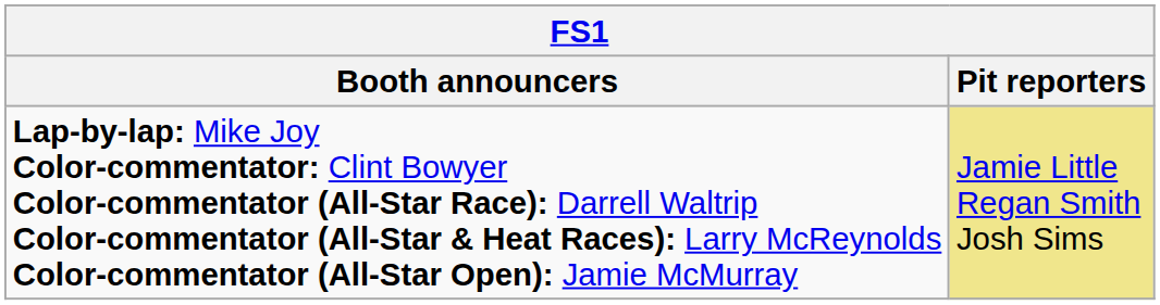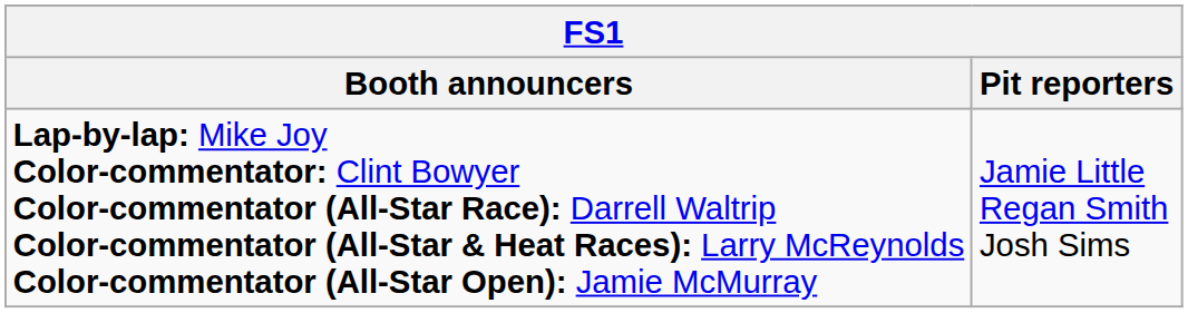 <table class="wikitable" style="font-size: 95%;">
 <tr>
 <th colspan="2"><a href='#'>FS1</a></th>
 </tr>
 <tr>
 <th>Booth announcers</th>
 <th>Pit reporters</th>
 </tr>
 <tr>
 <td><strong>Lap-by-lap:</strong> <a href='#'>Mike Joy</a><br><strong>Color-commentator:</strong> <a href='#'>Clint Bowyer</a><br><strong>Color-commentator (All-Star Race):</strong> <a href='#'>Darrell Waltrip</a> <br><strong>Color-commentator (All-Star & Heat Races):</strong> <a href='#'>Larry McReynolds</a><br><strong>Color-commentator (All-Star Open):</strong> <a href='#'>Jamie McMurray</a></td>
-<td style="background: khaki;"><a href='#'>Jamie Little</a><br><a href='#'>Regan Smith</a><br>Josh Sims</td>
+<td><a href='#'>Jamie Little</a><br><a href='#'>Regan Smith</a><br>Josh Sims</td>
 </tr>
 </table>
